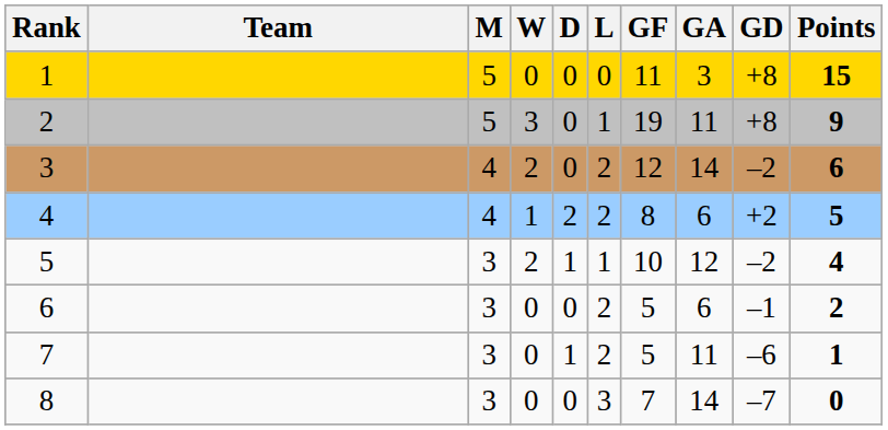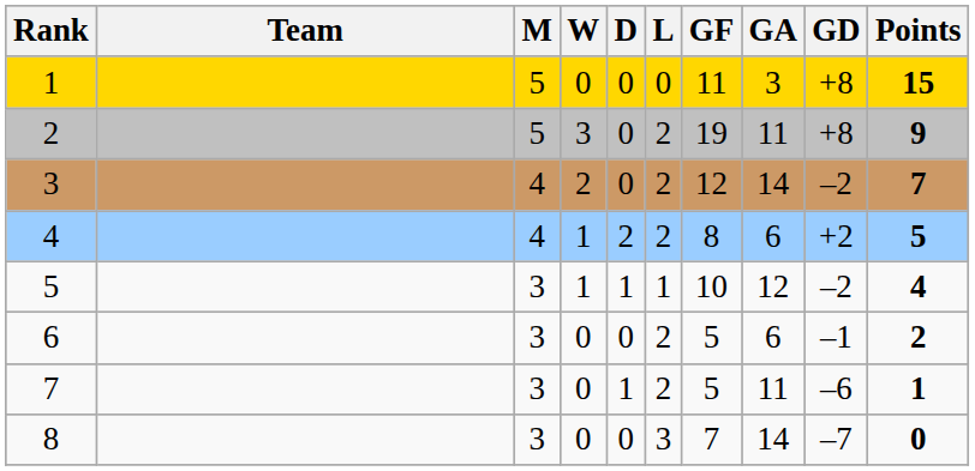 <table class="wikitable sortable" style="text-align:center">
 <tr>
 <th>Rank</th>
 <th width=200>Team</th>
 <th>M</th>
 <th>W</th>
 <th>D</th>
 <th>L</th>
 <th>GF</th>
 <th>GA</th>
 <th>GD</th>
 <th>Points</th>
 </tr>
 <tr bgcolor=gold>
 <td>1</td>
 <td align=left></td>
 <td>5</td>
 <td>0</td>
 <td>0</td>
 <td>0</td>
 <td>11</td>
 <td>3</td>
 <td>+8</td>
 <td><strong>15</strong></td>
 </tr>
 <tr bgcolor=silver>
 <td>2</td>
 <td align=left></td>
 <td>5</td>
 <td>3</td>
 <td>0</td>
-<td>1</td>
+<td>2</td>
 <td>19</td>
 <td>11</td>
 <td>+8</td>
 <td><strong>9</strong></td>
 </tr>
 <tr bgcolor=#cc9966>
 <td>3</td>
 <td align=left></td>
 <td>4</td>
 <td>2</td>
 <td>0</td>
 <td>2</td>
 <td>12</td>
 <td>14</td>
 <td>–2</td>
-<td><strong>6</strong></td>
+<td><strong>7</strong></td>
 </tr>
 <tr bgcolor=#9acdff>
 <td>4</td>
 <td align=left></td>
 <td>4</td>
 <td>1</td>
 <td>2</td>
 <td>2</td>
 <td>8</td>
 <td>6</td>
 <td>+2</td>
 <td><strong>5</strong></td>
 </tr>
 <tr>
 <td>5</td>
 <td align=left></td>
 <td>3</td>
-<td>2</td>
+<td>1</td>
 <td>1</td>
 <td>1</td>
 <td>10</td>
 <td>12</td>
 <td>–2</td>
 <td><strong>4</strong></td>
 </tr>
 <tr>
 <td>6</td>
 <td align=left></td>
 <td>3</td>
 <td>0</td>
 <td>0</td>
 <td>2</td>
 <td>5</td>
 <td>6</td>
 <td>–1</td>
 <td><strong>2</strong></td>
 </tr>
 <tr>
 <td>7</td>
 <td align=left></td>
 <td>3</td>
 <td>0</td>
 <td>1</td>
 <td>2</td>
 <td>5</td>
 <td>11</td>
 <td>–6</td>
 <td><strong>1</strong></td>
 </tr>
 <tr>
 <td>8</td>
 <td align=left></td>
 <td>3</td>
 <td>0</td>
 <td>0</td>
 <td>3</td>
 <td>7</td>
 <td>14</td>
 <td>–7</td>
 <td><strong>0</strong></td>
 </tr>
 </table>
